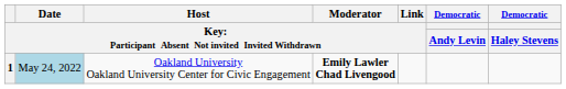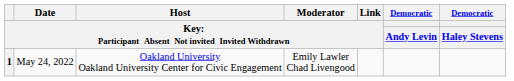 <table class="wikitable" style="text-align:center;">
 <tr>
 <th scope="col"></th>
 <th scope="col">Date</th>
 <th scope="col">Host</th>
 <th scope="col">Moderator</th>
 <th scope="col">Link</th>
 <th scope="col"><small><a href='#'>Democratic</a></small></th>
 <th scope="col"><small><a href='#'>Democratic</a></small></th>
 </tr>
 <tr>
 <th colspan="5" rowspan="2">Key:<br> <small>Participant </small>  <small>Absent </small>  <small>Not invited </small>  <small>Invited  Withdrawn</small></th>
 <th scope="col" style="background:"></th>
 <th scope="col" style="background:"></th>
 </tr>
 <tr>
 <th scope="col"><a href='#'>Andy Levin</a></th>
 <th scope="col"><a href='#'>Haley Stevens</a></th>
 </tr>
 <tr>
 <th>1</th>
-<td style="background: lightblue; white-space:nowrap;">May 24, 2022</td>
+<td style="white-space:nowrap;">May 24, 2022</td>
 <td style="white-space:nowrap;"><a href='#'>Oakland University</a><br>Oakland University Center for Civic Engagement</td>
-<td style="white-space:nowrap;"><strong>Emily Lawler<br>Chad Livengood</strong></td>
+<td style="white-space:nowrap;">Emily Lawler<br>Chad Livengood</td>
 <td style="white-space:nowrap;"></td>
 <td></td>
 <td></td>
 </tr>
 </table>
